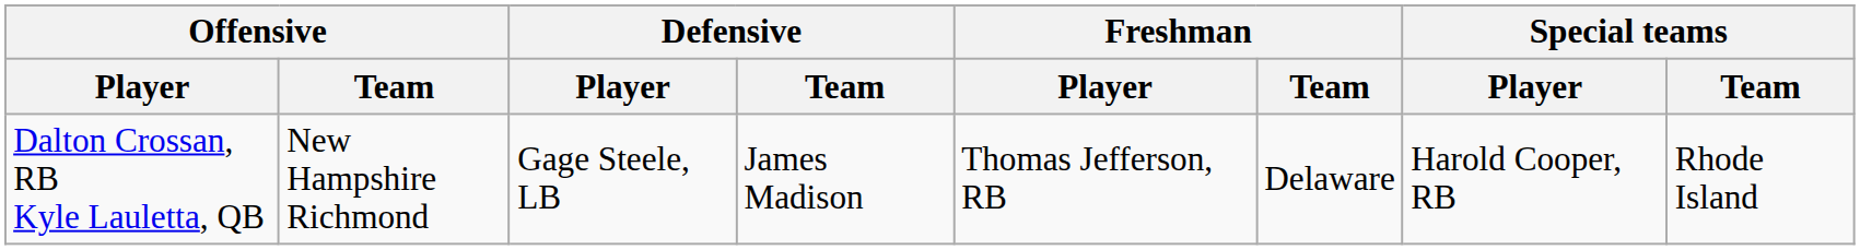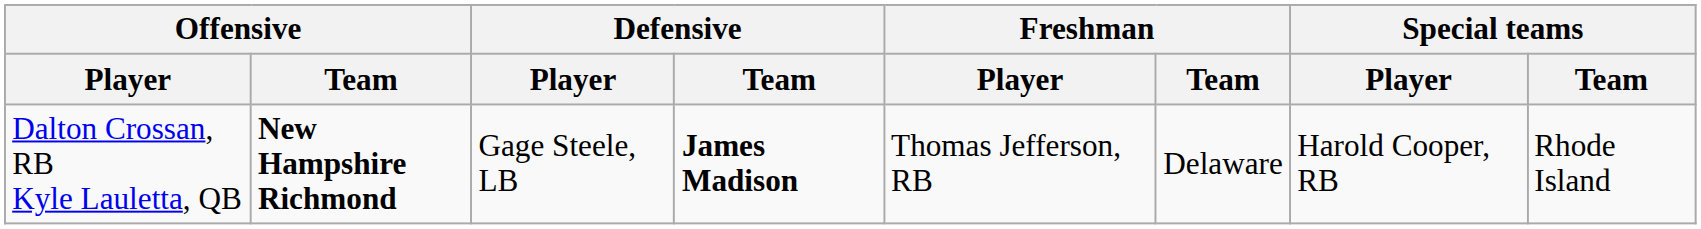 <table class="wikitable" border="1">
 <tr>
 <th colspan="2">Offensive</th>
 <th colspan="2">Defensive</th>
 <th colspan="2">Freshman</th>
 <th colspan="2">Special teams</th>
 </tr>
 <tr>
 <th>Player</th>
 <th>Team</th>
 <th>Player</th>
 <th>Team</th>
 <th>Player</th>
 <th>Team</th>
 <th>Player</th>
 <th>Team</th>
 </tr>
 <tr>
 <td><a href='#'>Dalton Crossan</a>, RB<br><a href='#'>Kyle Lauletta</a>, QB</td>
-<td>New Hampshire<br>Richmond</td>
+<td><strong>New Hampshire<br>Richmond</strong></td>
 <td>Gage Steele, LB</td>
-<td>James Madison</td>
+<td><strong>James Madison</strong></td>
 <td>Thomas Jefferson, RB</td>
 <td>Delaware</td>
 <td>Harold Cooper, RB</td>
 <td>Rhode Island</td>
 </tr>
 </table>
